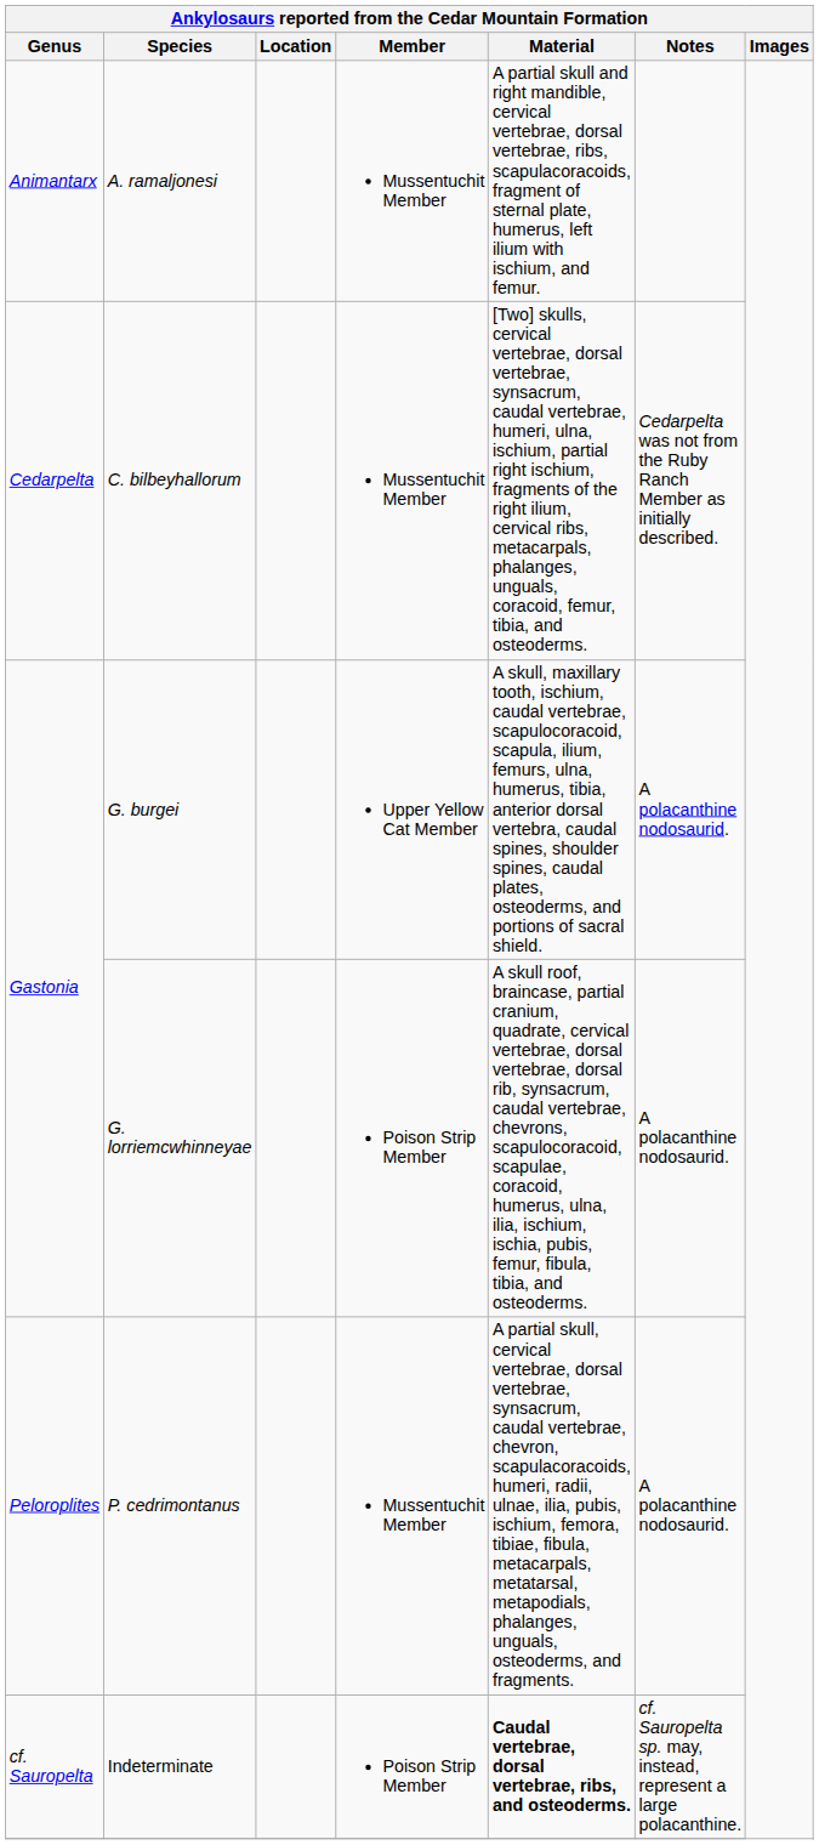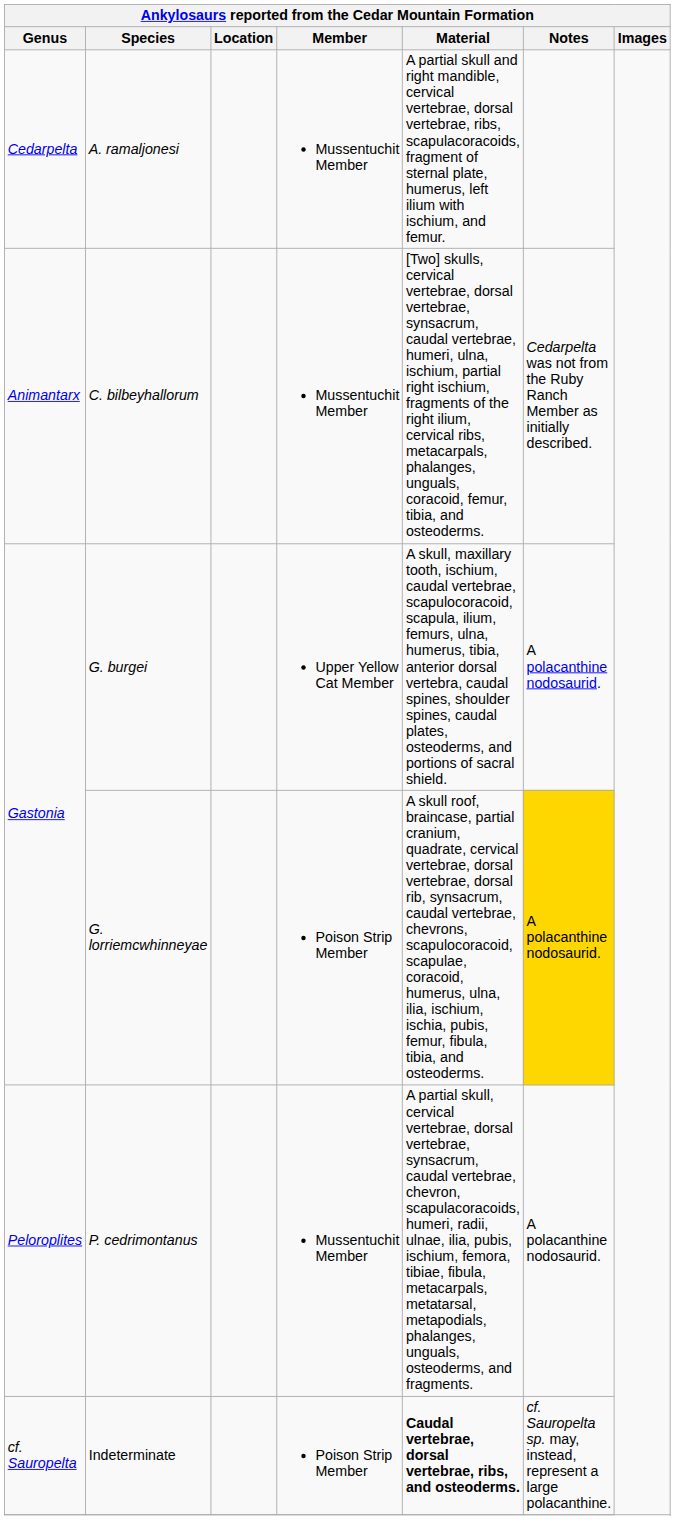 <table class="wikitable" align="center" width="100%">
 <tr>
 <th colspan="7" align="center"><strong><a href='#'>Ankylosaurs</a> reported from the Cedar Mountain Formation</strong></th>
 </tr>
 <tr>
 <th>Genus</th>
 <th>Species</th>
 <th>Location</th>
 <th>Member</th>
 <th>Material</th>
 <th>Notes</th>
 <th>Images</th>
 </tr>
 <tr>
-<td><em><a href='#'>Animantarx</a></em></td>
+<td><em><a href='#'>Cedarpelta</a></em></td>
 <td><em>A. ramaljonesi</em></td>
 <td></td>
 <td><br><ul><li>Mussentuchit Member</li></ul></td>
 <td>A partial skull and right mandible, cervical vertebrae, dorsal vertebrae, ribs, scapulacoracoids, fragment of sternal plate, humerus, left ilium with ischium, and femur.</td>
 <td></td>
 <td rowspan="100"><br>   </td>
 </tr>
 <tr>
-<td><em><a href='#'>Cedarpelta</a></em></td>
+<td><em><a href='#'>Animantarx</a></em></td>
 <td><em>C. bilbeyhallorum</em></td>
 <td></td>
 <td><br><ul><li>Mussentuchit Member</li></ul></td>
 <td>[Two] skulls, cervical vertebrae, dorsal vertebrae, synsacrum, caudal vertebrae, humeri, ulna, ischium, partial right ischium, fragments of the right ilium, cervical ribs, metacarpals, phalanges, unguals, coracoid, femur, tibia, and osteoderms.</td>
 <td><em>Cedarpelta</em> was not from the Ruby Ranch Member as initially described.</td>
 </tr>
 <tr>
 <td rowspan="2"><em><a href='#'>Gastonia</a></em></td>
 <td><em>G. burgei</em></td>
 <td></td>
 <td><br><ul><li>Upper Yellow Cat Member</li></ul></td>
 <td>A skull, maxillary tooth, ischium, caudal vertebrae, scapulocoracoid, scapula, ilium, femurs, ulna, humerus, tibia, anterior dorsal vertebra, caudal spines, shoulder spines, caudal plates, osteoderms, and portions of sacral shield.</td>
 <td>A <a href='#'>polacanthine</a> <a href='#'>nodosaurid</a>.</td>
 </tr>
 <tr>
 <td><em>G. lorriemcwhinneyae</em></td>
 <td></td>
 <td><br><ul><li>Poison Strip Member</li></ul></td>
 <td>A skull roof, braincase, partial cranium, quadrate, cervical vertebrae, dorsal vertebrae, dorsal rib, synsacrum, caudal vertebrae, chevrons, scapulocoracoid, scapulae, coracoid, humerus, ulna, ilia, ischium, ischia, pubis, femur, fibula, tibia, and osteoderms.</td>
-<td>A polacanthine nodosaurid.</td>
+<td style="background: gold;">A polacanthine nodosaurid.</td>
 </tr>
 <tr>
 <td><em><a href='#'>Peloroplites</a></em></td>
 <td><em>P. cedrimontanus</em></td>
 <td></td>
 <td><br><ul><li>Mussentuchit Member</li></ul></td>
 <td>A partial skull, cervical vertebrae, dorsal vertebrae, synsacrum, caudal vertebrae, chevron, scapulacoracoids, humeri, radii, ulnae, ilia, pubis, ischium, femora, tibiae, fibula, metacarpals, metatarsal, metapodials, phalanges, unguals, osteoderms, and fragments.</td>
 <td>A polacanthine nodosaurid.</td>
 </tr>
 <tr>
 <td><em>cf. <a href='#'>Sauropelta</a></em></td>
 <td>Indeterminate</td>
 <td></td>
 <td><br><ul><li>Poison Strip Member</li></ul></td>
 <td><strong>Caudal vertebrae, dorsal vertebrae, ribs, and osteoderms.</strong></td>
 <td><em>cf. Sauropelta sp.</em> may, instead, represent a large polacanthine.</td>
 </tr>
 <tr>
 </tr>
 </table>
